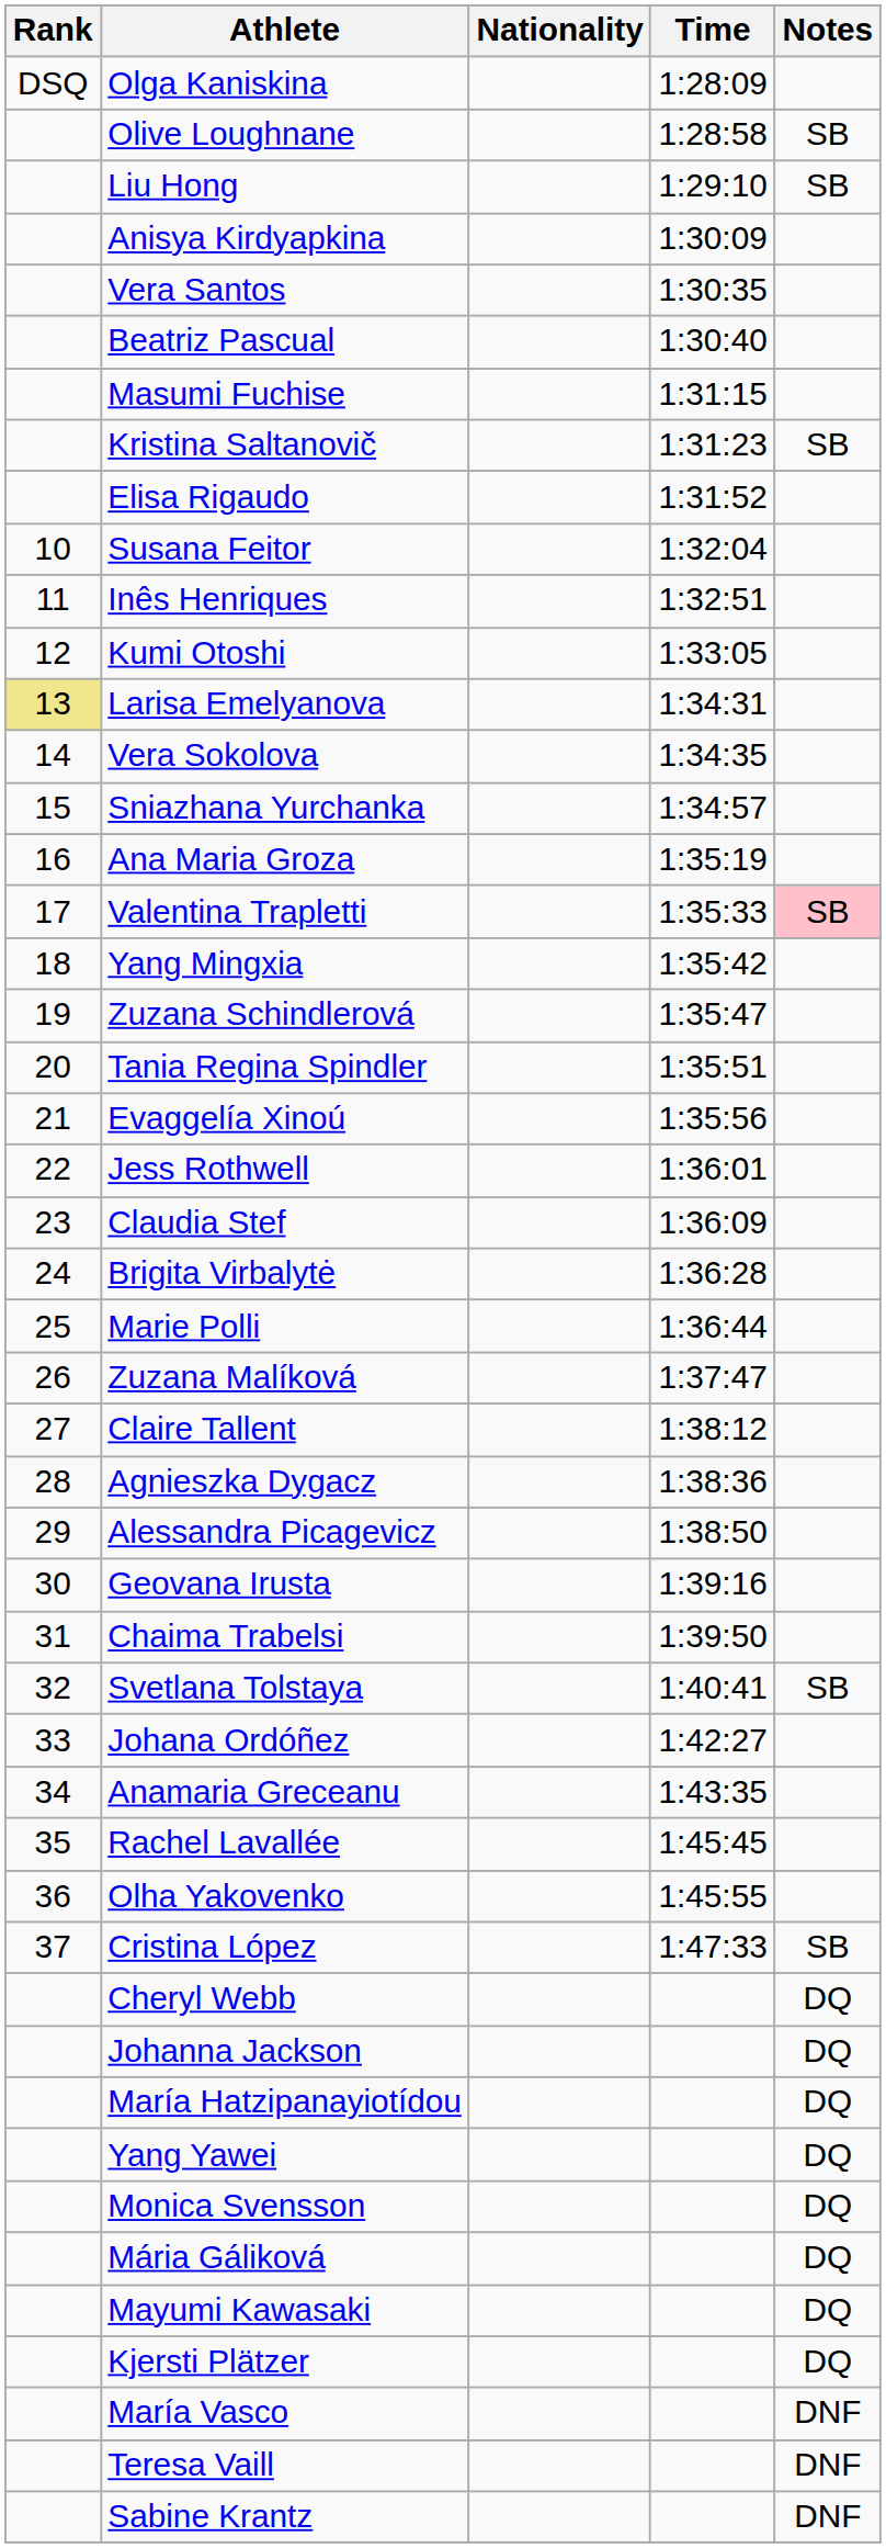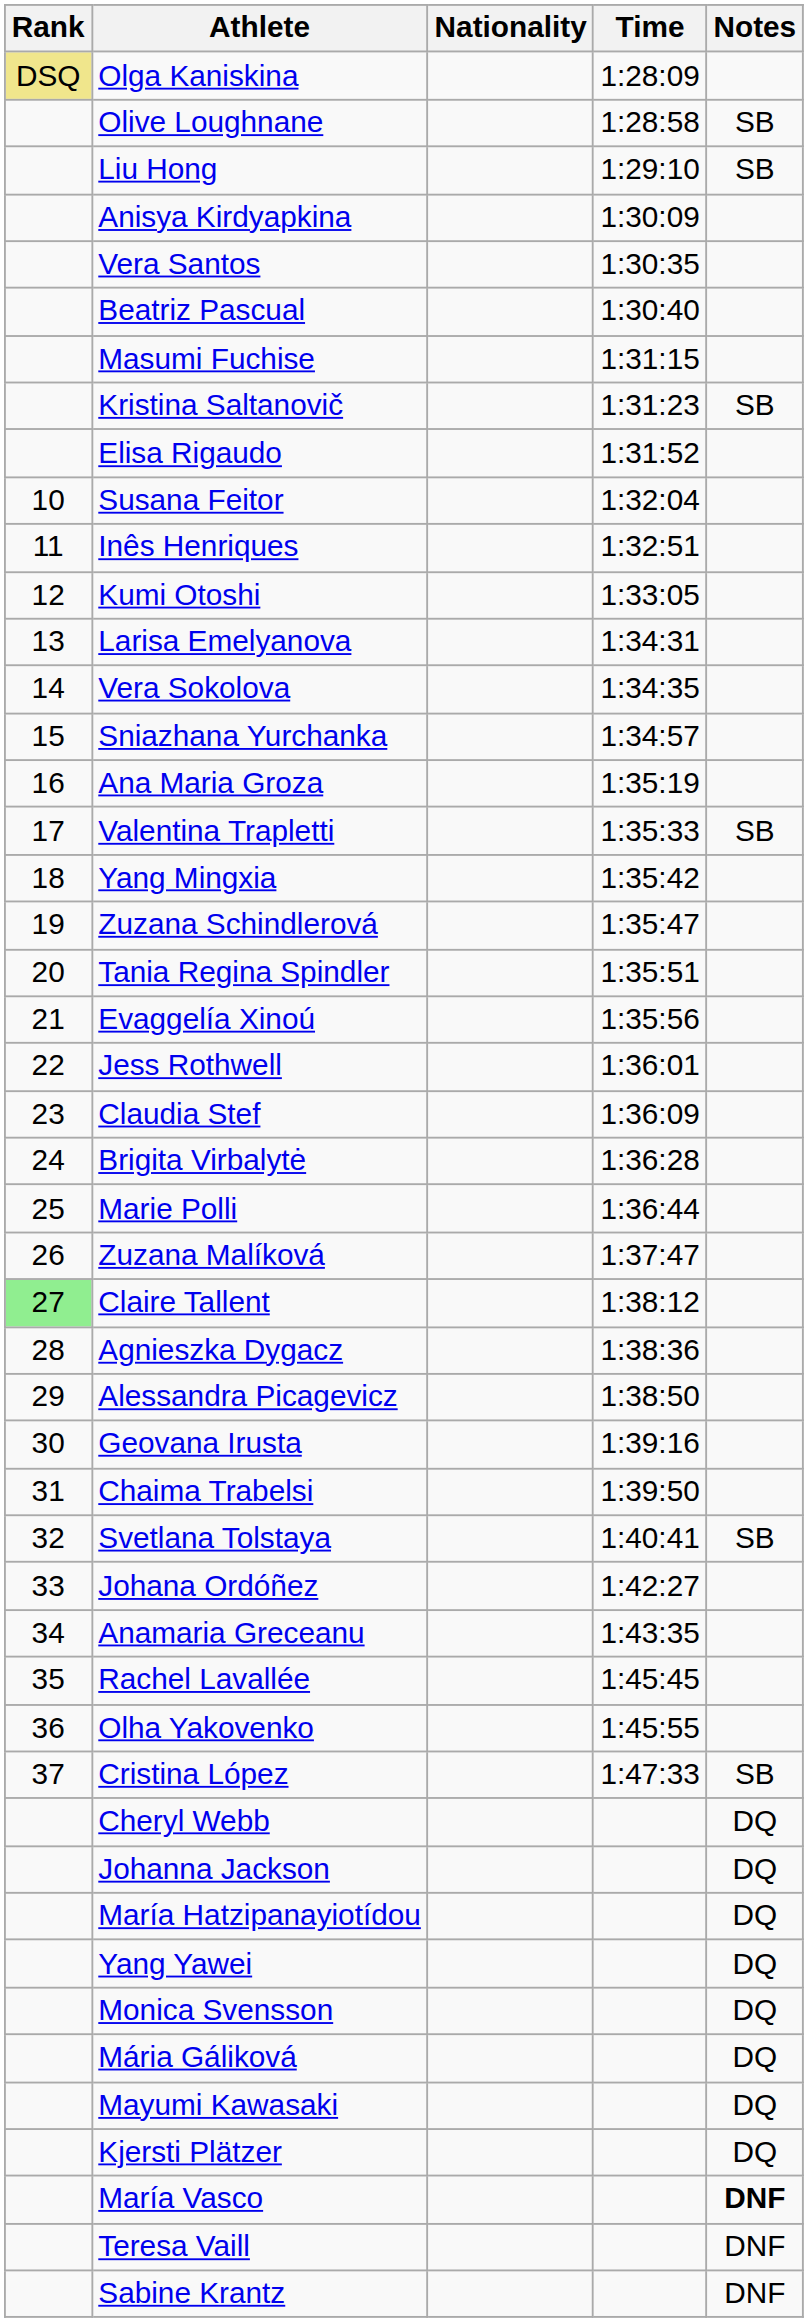 <table class="wikitable sortable" style="text-align:center">
 <tr>
 <th>Rank</th>
 <th>Athlete</th>
 <th>Nationality</th>
 <th>Time</th>
 <th>Notes</th>
 </tr>
 <tr>
-<td>DSQ</td>
+<td style="background: khaki;">DSQ</td>
 <td align=left><a href='#'>Olga Kaniskina</a></td>
 <td align="left"></td>
 <td>1:28:09</td>
 <td></td>
 </tr>
 <tr>
 <td></td>
 <td align=left><a href='#'>Olive Loughnane</a></td>
 <td align=left></td>
 <td>1:28:58</td>
 <td>SB</td>
 </tr>
 <tr>
 <td></td>
 <td align=left><a href='#'>Liu Hong</a></td>
 <td align=left></td>
 <td>1:29:10</td>
 <td>SB</td>
 </tr>
 <tr>
 <td></td>
 <td align=left><a href='#'>Anisya Kirdyapkina</a></td>
 <td align=left></td>
 <td>1:30:09</td>
 <td></td>
 </tr>
 <tr>
 <td></td>
 <td align=left><a href='#'>Vera Santos</a></td>
 <td align=left></td>
 <td>1:30:35</td>
 <td></td>
 </tr>
 <tr>
 <td></td>
 <td align=left><a href='#'>Beatriz Pascual</a></td>
 <td align=left></td>
 <td>1:30:40</td>
 <td></td>
 </tr>
 <tr>
 <td></td>
 <td align=left><a href='#'>Masumi Fuchise</a></td>
 <td align=left></td>
 <td>1:31:15</td>
 <td></td>
 </tr>
 <tr>
 <td></td>
 <td align=left><a href='#'>Kristina Saltanovič</a></td>
 <td align=left></td>
 <td>1:31:23</td>
 <td>SB</td>
 </tr>
 <tr>
 <td></td>
 <td align=left><a href='#'>Elisa Rigaudo</a></td>
 <td align=left></td>
 <td>1:31:52</td>
 <td></td>
 </tr>
 <tr>
 <td>10</td>
 <td align=left><a href='#'>Susana Feitor</a></td>
 <td align=left></td>
 <td>1:32:04</td>
 <td></td>
 </tr>
 <tr>
 <td>11</td>
 <td align=left><a href='#'>Inês Henriques</a></td>
 <td align=left></td>
 <td>1:32:51</td>
 <td></td>
 </tr>
 <tr>
 <td>12</td>
 <td align=left><a href='#'>Kumi Otoshi</a></td>
 <td align=left></td>
 <td>1:33:05</td>
 <td></td>
 </tr>
 <tr>
-<td style="background: khaki;">13</td>
+<td>13</td>
 <td align=left><a href='#'>Larisa Emelyanova</a></td>
 <td align=left></td>
 <td>1:34:31</td>
 <td></td>
 </tr>
 <tr>
 <td>14</td>
 <td align=left><a href='#'>Vera Sokolova</a></td>
 <td align=left></td>
 <td>1:34:35</td>
 <td></td>
 </tr>
 <tr>
 <td>15</td>
 <td align=left><a href='#'>Sniazhana Yurchanka</a></td>
 <td align=left></td>
 <td>1:34:57</td>
 <td></td>
 </tr>
 <tr>
 <td>16</td>
 <td align=left><a href='#'>Ana Maria Groza</a></td>
 <td align=left></td>
 <td>1:35:19</td>
 <td></td>
 </tr>
 <tr>
 <td>17</td>
 <td align=left><a href='#'>Valentina Trapletti</a></td>
 <td align=left></td>
 <td>1:35:33</td>
-<td style="background: pink;">SB</td>
+<td>SB</td>
 </tr>
 <tr>
 <td>18</td>
 <td align=left><a href='#'>Yang Mingxia</a></td>
 <td align=left></td>
 <td>1:35:42</td>
 <td></td>
 </tr>
 <tr>
 <td>19</td>
 <td align=left><a href='#'>Zuzana Schindlerová</a></td>
 <td align=left></td>
 <td>1:35:47</td>
 <td></td>
 </tr>
 <tr>
 <td>20</td>
 <td align=left><a href='#'>Tania Regina Spindler</a></td>
 <td align=left></td>
 <td>1:35:51</td>
 <td></td>
 </tr>
 <tr>
 <td>21</td>
 <td align=left><a href='#'>Evaggelía Xinoú</a></td>
 <td align=left></td>
 <td>1:35:56</td>
 <td></td>
 </tr>
 <tr>
 <td>22</td>
 <td align=left><a href='#'>Jess Rothwell</a></td>
 <td align=left></td>
 <td>1:36:01</td>
 <td></td>
 </tr>
 <tr>
 <td>23</td>
 <td align=left><a href='#'>Claudia Stef</a></td>
 <td align=left></td>
 <td>1:36:09</td>
 <td></td>
 </tr>
 <tr>
 <td>24</td>
 <td align=left><a href='#'>Brigita Virbalytė</a></td>
 <td align=left></td>
 <td>1:36:28</td>
 <td></td>
 </tr>
 <tr>
 <td>25</td>
 <td align=left><a href='#'>Marie Polli</a></td>
 <td align=left></td>
 <td>1:36:44</td>
 <td></td>
 </tr>
 <tr>
 <td>26</td>
 <td align=left><a href='#'>Zuzana Malíková</a></td>
 <td align=left></td>
 <td>1:37:47</td>
 <td></td>
 </tr>
 <tr>
-<td>27</td>
+<td style="background: lightgreen;">27</td>
 <td align=left><a href='#'>Claire Tallent</a></td>
 <td align=left></td>
 <td>1:38:12</td>
 <td></td>
 </tr>
 <tr>
 <td>28</td>
 <td align=left><a href='#'>Agnieszka Dygacz</a></td>
 <td align=left></td>
 <td>1:38:36</td>
 <td></td>
 </tr>
 <tr>
 <td>29</td>
 <td align=left><a href='#'>Alessandra Picagevicz</a></td>
 <td align=left></td>
 <td>1:38:50</td>
 <td></td>
 </tr>
 <tr>
 <td>30</td>
 <td align=left><a href='#'>Geovana Irusta</a></td>
 <td align=left></td>
 <td>1:39:16</td>
 <td></td>
 </tr>
 <tr>
 <td>31</td>
 <td align=left><a href='#'>Chaima Trabelsi</a></td>
 <td align=left></td>
 <td>1:39:50</td>
 <td></td>
 </tr>
 <tr>
 <td>32</td>
 <td align=left><a href='#'>Svetlana Tolstaya</a></td>
 <td align=left></td>
 <td>1:40:41</td>
 <td>SB</td>
 </tr>
 <tr>
 <td>33</td>
 <td align=left><a href='#'>Johana Ordóñez</a></td>
 <td align=left></td>
 <td>1:42:27</td>
 <td></td>
 </tr>
 <tr>
 <td>34</td>
 <td align=left><a href='#'>Anamaria Greceanu</a></td>
 <td align=left></td>
 <td>1:43:35</td>
 <td></td>
 </tr>
 <tr>
 <td>35</td>
 <td align=left><a href='#'>Rachel Lavallée</a></td>
 <td align=left></td>
 <td>1:45:45</td>
 <td></td>
 </tr>
 <tr>
 <td>36</td>
 <td align=left><a href='#'>Olha Yakovenko</a></td>
 <td align=left></td>
 <td>1:45:55</td>
 <td></td>
 </tr>
 <tr>
 <td>37</td>
 <td align=left><a href='#'>Cristina López</a></td>
 <td align=left></td>
 <td>1:47:33</td>
 <td>SB</td>
 </tr>
 <tr>
 <td></td>
 <td align=left><a href='#'>Cheryl Webb</a></td>
 <td align=left></td>
 <td></td>
 <td>DQ</td>
 </tr>
 <tr>
 <td></td>
 <td align=left><a href='#'>Johanna Jackson</a></td>
 <td align=left></td>
 <td></td>
 <td>DQ</td>
 </tr>
 <tr>
 <td></td>
 <td align=left><a href='#'>María Hatzipanayiotídou</a></td>
 <td align=left></td>
 <td></td>
 <td>DQ</td>
 </tr>
 <tr>
 <td></td>
 <td align=left><a href='#'>Yang Yawei</a></td>
 <td align=left></td>
 <td></td>
 <td>DQ</td>
 </tr>
 <tr>
 <td></td>
 <td align=left><a href='#'>Monica Svensson</a></td>
 <td align=left></td>
 <td></td>
 <td>DQ</td>
 </tr>
 <tr>
 <td></td>
 <td align=left><a href='#'>Mária Gáliková</a></td>
 <td align=left></td>
 <td></td>
 <td>DQ</td>
 </tr>
 <tr>
 <td></td>
 <td align=left><a href='#'>Mayumi Kawasaki</a></td>
 <td align=left></td>
 <td></td>
 <td>DQ</td>
 </tr>
 <tr>
 <td></td>
 <td align=left><a href='#'>Kjersti Plätzer</a></td>
 <td align=left></td>
 <td></td>
 <td>DQ</td>
 </tr>
 <tr>
 <td></td>
 <td align=left><a href='#'>María Vasco</a></td>
 <td align=left></td>
 <td></td>
-<td>DNF</td>
+<td><strong>DNF</strong></td>
 </tr>
 <tr>
 <td></td>
 <td align=left><a href='#'>Teresa Vaill</a></td>
 <td align=left></td>
 <td></td>
 <td>DNF</td>
 </tr>
 <tr>
 <td></td>
 <td align=left><a href='#'>Sabine Krantz</a></td>
 <td align=left></td>
 <td></td>
 <td>DNF</td>
 </tr>
 </table>
